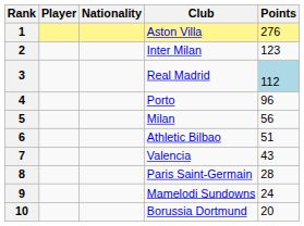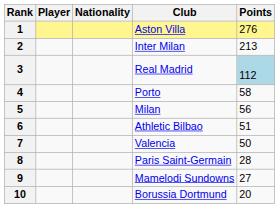 <table class="wikitable sortable">
 <tr>
 <th scope="col">Rank</th>
 <th scope="col">Player</th>
 <th scope="col">Nationality</th>
 <th scope="col">Club</th>
 <th scope="col">Points</th>
 </tr>
 <tr style="background-color:#FFF68F">
 <th scope="row">1</th>
 <td><strong></strong></td>
 <td></td>
 <td> <a href='#'>Aston Villa</a></td>
 <td>276</td>
 </tr>
 <tr>
 <th scope="row">2</th>
 <td></td>
 <td></td>
 <td> <a href='#'>Inter Milan</a></td>
-<td>123</td>
+<td>213</td>
 </tr>
 <tr>
 <th scope="row">3</th>
 <td></td>
 <td></td>
 <td> <a href='#'>Real Madrid</a></td>
 <td style="background: lightblue;"><br>112</td>
 </tr>
 <tr>
 <th scope="row">4</th>
 <td></td>
 <td></td>
 <td> <a href='#'>Porto</a></td>
-<td>96</td>
+<td>58</td>
 </tr>
 <tr>
 <th scope="row">5</th>
 <td></td>
 <td></td>
 <td> <a href='#'>Milan</a></td>
 <td>56</td>
 </tr>
 <tr>
 <th scope="row">6</th>
 <td></td>
 <td></td>
 <td> <a href='#'>Athletic Bilbao</a></td>
 <td>51</td>
 </tr>
 <tr>
 <th scope="row">7</th>
 <td></td>
 <td></td>
 <td> <a href='#'>Valencia</a></td>
-<td>43</td>
+<td>50</td>
 </tr>
 <tr>
 <th scope="row">8</th>
 <td></td>
 <td></td>
 <td> <a href='#'>Paris Saint-Germain</a></td>
 <td>28</td>
 </tr>
 <tr>
 <th scope="row">9</th>
 <td></td>
 <td></td>
 <td> <a href='#'>Mamelodi Sundowns</a></td>
-<td>24</td>
+<td>27</td>
 </tr>
 <tr>
 <th scope="row">10</th>
 <td></td>
 <td></td>
 <td> <a href='#'>Borussia Dortmund</a></td>
 <td>20</td>
 </tr>
 </table>
